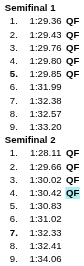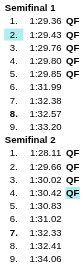 <table style="text-align:center">
 <tr>
 <td colspan=4 align=left><strong>Semifinal 1</strong></td>
 </tr>
 <tr>
 <td width=30>1.</td>
 <td align=left></td>
 <td width=60>1:29.36</td>
 <td><strong>QF</strong></td>
 </tr>
 <tr>
-<td>2.</td>
+<td style="background: paleturquoise;">2.</td>
 <td align=left></td>
 <td>1:29.43</td>
 <td><strong>QF</strong></td>
 </tr>
 <tr>
 <td>3.</td>
 <td align=left></td>
 <td>1:29.76</td>
 <td><strong>QF</strong></td>
 </tr>
 <tr>
 <td>4.</td>
 <td align=left></td>
 <td>1:29.80</td>
 <td><strong>QF</strong></td>
 </tr>
 <tr>
-<td><strong>5.</strong></td>
+<td>5.</td>
 <td align=left></td>
 <td>1:29.85</td>
 <td><strong>QF</strong></td>
 </tr>
 <tr>
 <td>6.</td>
 <td align=left></td>
 <td>1:31.99</td>
 <td></td>
 </tr>
 <tr>
 <td>7.</td>
 <td align=left></td>
 <td>1:32.38</td>
 <td></td>
 </tr>
 <tr>
-<td>8.</td>
+<td><strong>8.</strong></td>
 <td align=left></td>
 <td>1:32.57</td>
 <td></td>
 </tr>
 <tr>
 <td>9.</td>
 <td align=left></td>
 <td>1:33.20</td>
 <td></td>
 </tr>
 <tr>
 <td colspan=4 align=left><strong>Semifinal 2</strong></td>
 </tr>
 <tr>
 <td width=30>1.</td>
 <td align=left></td>
 <td width=60>1:28.11</td>
 <td><strong>QF</strong></td>
 </tr>
 <tr>
 <td>2.</td>
 <td align=left></td>
 <td>1:29.66</td>
 <td><strong>QF</strong></td>
 </tr>
 <tr>
 <td>3.</td>
 <td align=left></td>
 <td>1:30.02</td>
 <td><strong>QF</strong></td>
 </tr>
 <tr>
 <td>4.</td>
 <td align=left></td>
 <td>1:30.42</td>
 <td style="background: paleturquoise;"><strong>QF</strong></td>
 </tr>
 <tr>
 <td>5.</td>
 <td align=left></td>
 <td>1:30.83</td>
 <td></td>
 </tr>
 <tr>
 <td>6.</td>
 <td align=left></td>
 <td>1:31.02</td>
 <td></td>
 </tr>
 <tr>
 <td><strong>7.</strong></td>
 <td align=left></td>
 <td>1:32.33</td>
 <td></td>
 </tr>
 <tr>
 <td>8.</td>
 <td align=left></td>
 <td>1:32.41</td>
 <td></td>
 </tr>
 <tr>
 <td>9.</td>
 <td align=left></td>
 <td>1:34.06</td>
 <td></td>
 </tr>
 </table>
